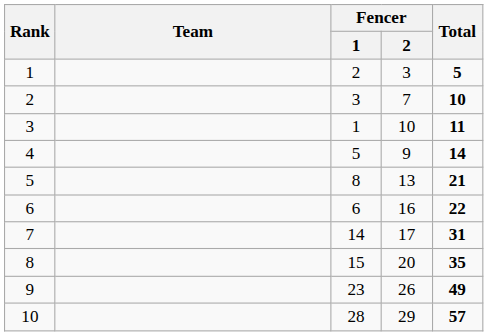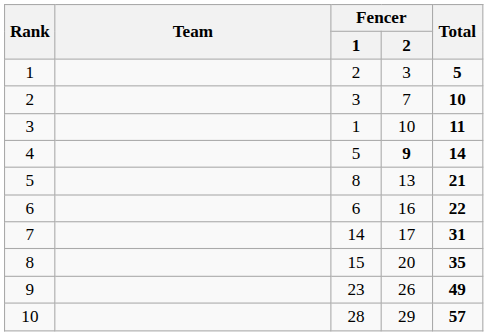 <table class=wikitable style="text-align:center">
 <tr>
 <th rowspan=2 width=40>Rank</th>
 <th rowspan=2 width=250>Team</th>
 <th colspan=2>Fencer</th>
 <th rowspan=2 width=40>Total</th>
 </tr>
 <tr>
 <th width=40>1</th>
 <th width=40>2</th>
 </tr>
 <tr>
 <td>1</td>
 <td align=left></td>
 <td>2</td>
 <td>3</td>
 <td><strong>5</strong></td>
 </tr>
 <tr>
 <td>2</td>
 <td align=left></td>
 <td>3</td>
 <td>7</td>
 <td><strong>10</strong></td>
 </tr>
 <tr>
 <td>3</td>
 <td align=left></td>
 <td>1</td>
 <td>10</td>
 <td><strong>11</strong></td>
 </tr>
 <tr>
 <td>4</td>
 <td align=left></td>
 <td>5</td>
-<td>9</td>
+<td><strong>9</strong></td>
 <td><strong>14</strong></td>
 </tr>
 <tr>
 <td>5</td>
 <td align=left></td>
 <td>8</td>
 <td>13</td>
 <td><strong>21</strong></td>
 </tr>
 <tr>
 <td>6</td>
 <td align=left></td>
 <td>6</td>
 <td>16</td>
 <td><strong>22</strong></td>
 </tr>
 <tr>
 <td>7</td>
 <td align=left></td>
 <td>14</td>
 <td>17</td>
 <td><strong>31</strong></td>
 </tr>
 <tr>
 <td>8</td>
 <td align=left></td>
 <td>15</td>
 <td>20</td>
 <td><strong>35</strong></td>
 </tr>
 <tr>
 <td>9</td>
 <td align=left></td>
 <td>23</td>
 <td>26</td>
 <td><strong>49</strong></td>
 </tr>
 <tr>
 <td>10</td>
 <td align=left></td>
 <td>28</td>
 <td>29</td>
 <td><strong>57</strong></td>
 </tr>
 </table>
